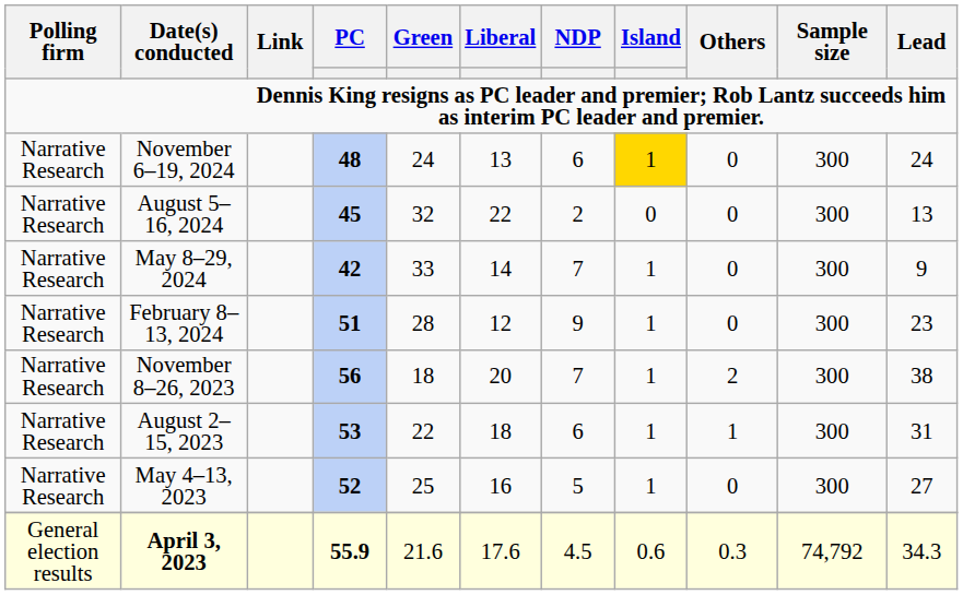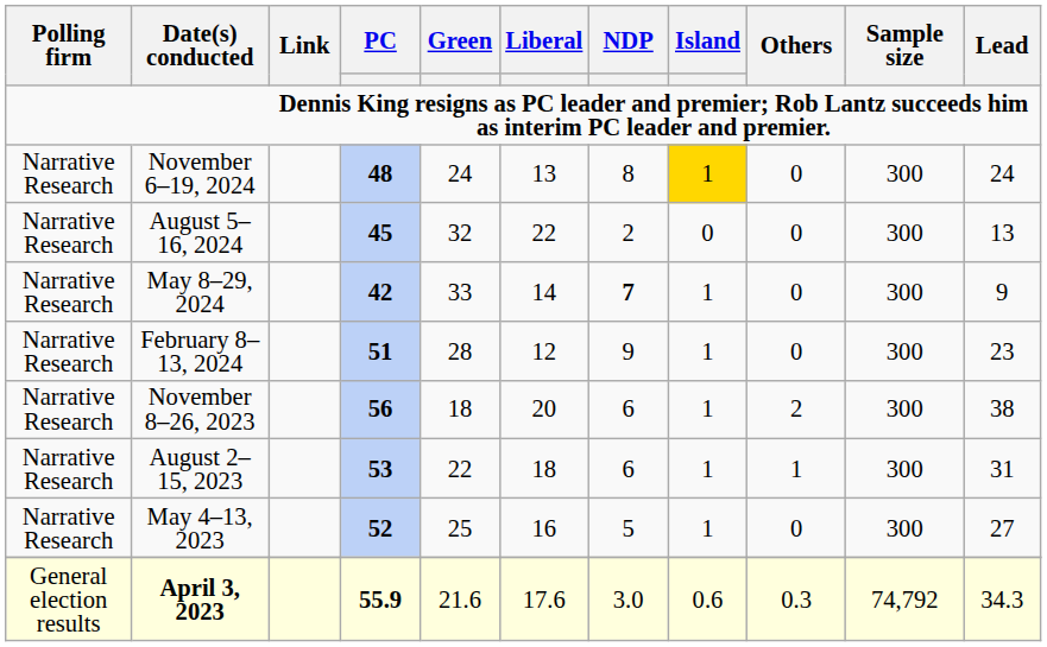 <table class="wikitable sortable tpl-blanktable" style="text-align:center;font-size:90%;line-height:14px">
 <tr style="height:40px;">
 <th rowspan="2">Polling firm</th>
 <th rowspan="2">Date(s)<br>conducted</th>
 <th rowspan="2">Link</th>
 <th class="unsortable" style="width:40px;"><a href='#'>PC</a></th>
 <th class="unsortable" style="width:40px;"><a href='#'>Green</a></th>
 <th class="unsortable" style="width:40px;"><a href='#'>Liberal</a></th>
 <th class="unsortable" style="width:40px;"><a href='#'>NDP</a></th>
 <th class="unsortable" style="width:40px;"><a href='#'>Island</a></th>
 <th rowspan="2">Others</th>
 <th rowspan="2">Sample size</th>
 <th rowspan="2">Lead</th>
 </tr>
 <tr>
 <th style="background:"></th>
 <th style="background:"></th>
 <th style="background:"></th>
 <th style="background:"></th>
 <th style="background:"></th>
 </tr>
 <tr>
 <td style="border-right-style:hidden;"></td>
 <td style="border-right-style:hidden;"><strong></strong></td>
 <td colspan="9"><strong>Dennis King resigns as PC leader and premier; Rob Lantz succeeds him as interim PC leader and premier.</strong></td>
 </tr>
 <tr>
 <td>Narrative Research</td>
 <td data-sort-value="2024-11-26">November 6–19, 2024</td>
 <td></td>
 <td style="background:#BCD1F7"><strong>48</strong></td>
 <td>24</td>
 <td>13</td>
-<td>6</td>
+<td>8</td>
 <td style="background: gold;">1</td>
 <td>0</td>
 <td>300</td>
 <td style="background:">24</td>
 </tr>
 <tr>
 <td>Narrative Research</td>
 <td data-sort-value="2024-08-23">August 5–16, 2024</td>
 <td></td>
 <td style="background:#BCD1F7"><strong>45</strong></td>
 <td>32</td>
 <td>22</td>
 <td>2</td>
 <td>0</td>
 <td>0</td>
 <td>300</td>
 <td style="background:">13</td>
 </tr>
 <tr>
 <td>Narrative Research</td>
 <td data-sort-value="2024-06-06">May 8–29, 2024</td>
 <td></td>
 <td style="background:#BCD1F7"><strong>42</strong></td>
 <td>33</td>
 <td>14</td>
-<td>7</td>
+<td><strong>7</strong></td>
 <td>1</td>
 <td>0</td>
 <td>300</td>
 <td style="background:">9</td>
 </tr>
 <tr>
 <td>Narrative Research</td>
 <td data-sort-value="2024-02-28">February 8–13, 2024</td>
 <td></td>
 <td style="background:#BCD1F7"><strong>51</strong></td>
 <td>28</td>
 <td>12</td>
 <td>9</td>
 <td>1</td>
 <td>0</td>
 <td>300</td>
 <td style="background:">23</td>
 </tr>
 <tr>
 <td>Narrative Research</td>
 <td data-sort-value="2023-12-05">November 8–26, 2023</td>
 <td></td>
 <td style="background:#BCD1F7"><strong>56</strong></td>
 <td>18</td>
 <td>20</td>
-<td>7</td>
+<td>6</td>
 <td>1</td>
 <td>2</td>
 <td>300</td>
 <td style="background:">38</td>
 </tr>
 <tr>
 <td>Narrative Research</td>
 <td data-sort-value="2023-08-24">August 2–15, 2023</td>
 <td></td>
 <td style="background:#BCD1F7"><strong>53</strong></td>
 <td>22</td>
 <td>18</td>
 <td>6</td>
 <td>1</td>
 <td>1</td>
 <td>300</td>
 <td style="background:">31</td>
 </tr>
 <tr>
 <td>Narrative Research</td>
 <td data-sort-value="2023-05-24">May 4–13, 2023</td>
 <td></td>
 <td style="background:#BCD1F7"><strong>52</strong></td>
 <td>25</td>
 <td>16</td>
 <td>5</td>
 <td>1</td>
 <td>0</td>
 <td>300</td>
 <td style="background:">27</td>
 </tr>
 <tr>
 </tr>
 <tr style="background:#ffd;">
 <td>General election results</td>
 <td data-sort-value="2023-04-03"><strong>April 3, 2023</strong></td>
 <td></td>
 <td><strong>55.9</strong></td>
 <td>21.6</td>
 <td>17.6</td>
-<td>4.5</td>
+<td>3.0</td>
 <td>0.6</td>
 <td>0.3</td>
 <td>74,792</td>
 <td style="background:">34.3</td>
 </tr>
 </table>
